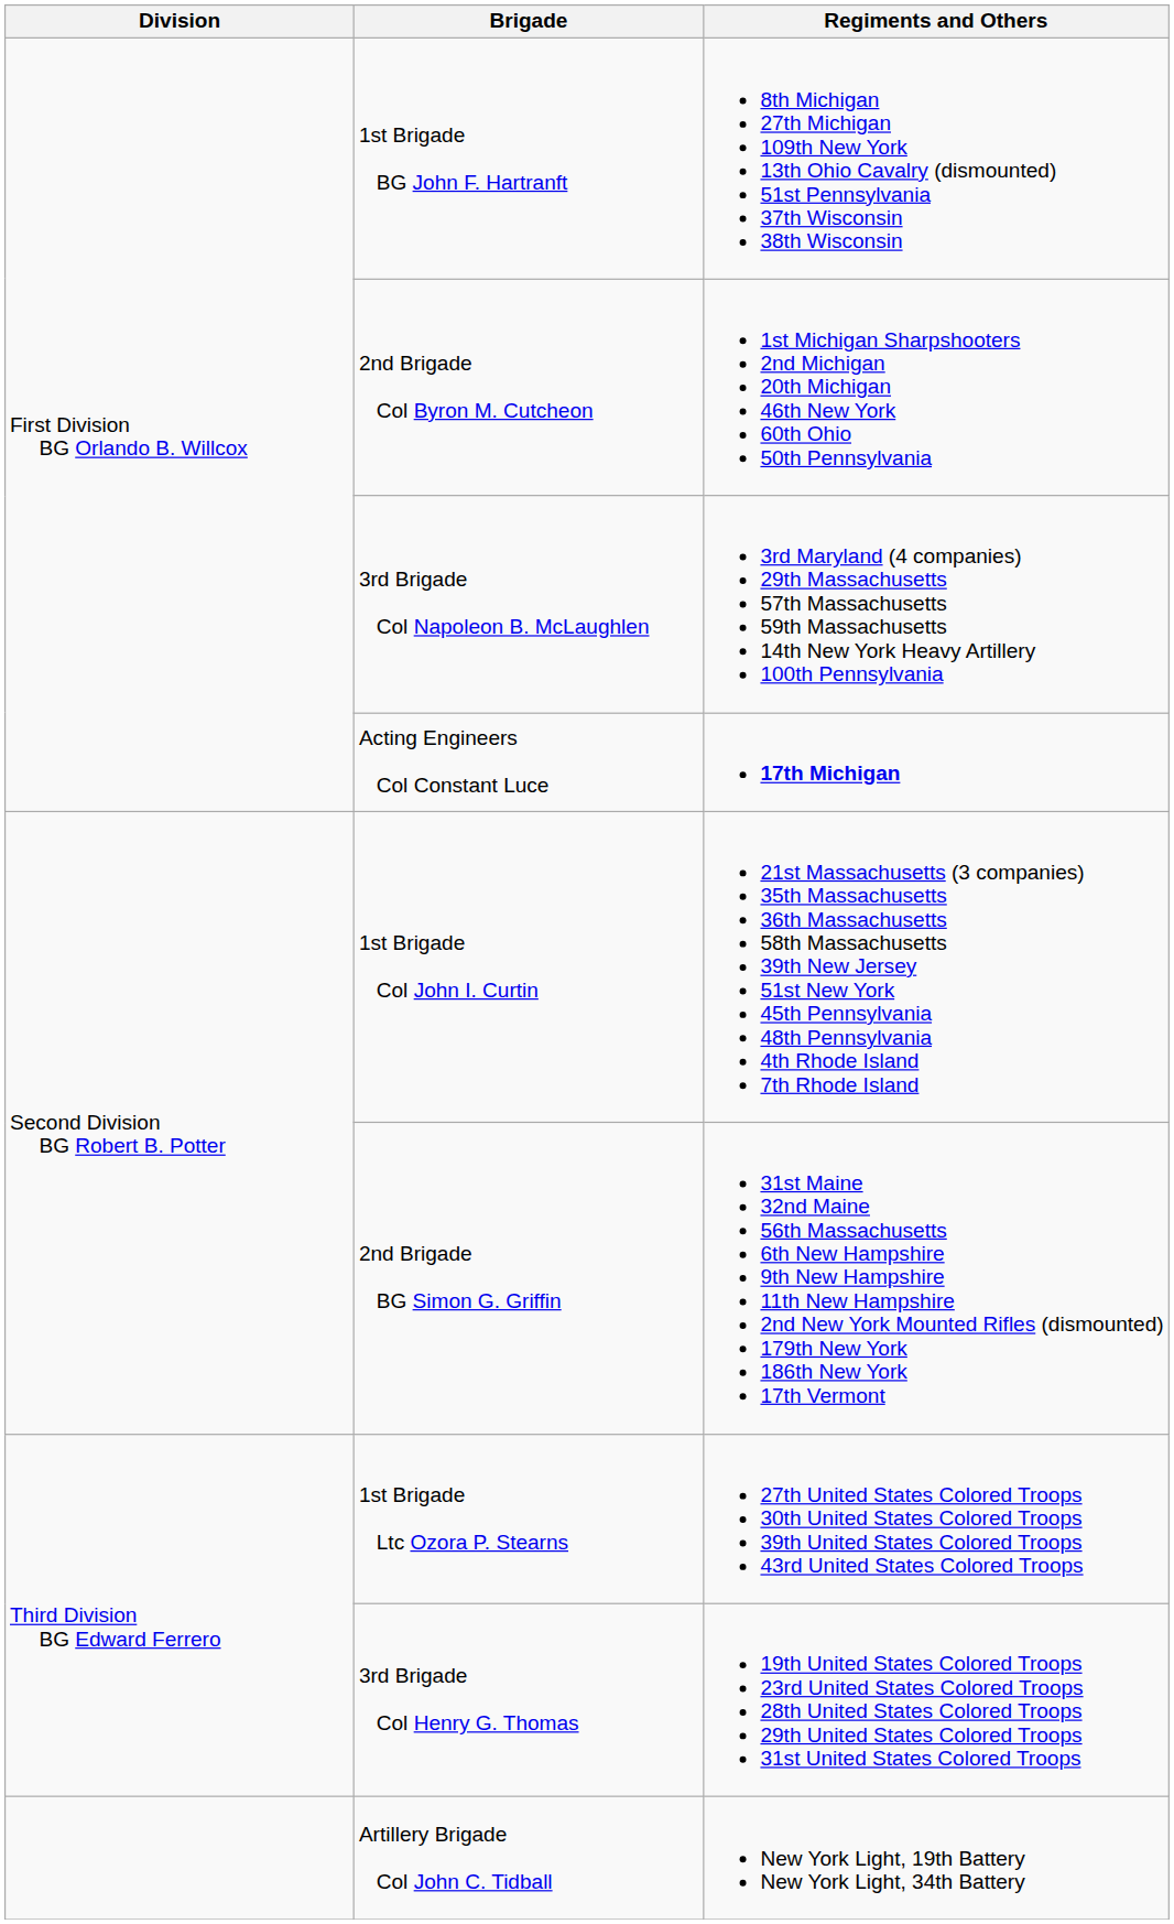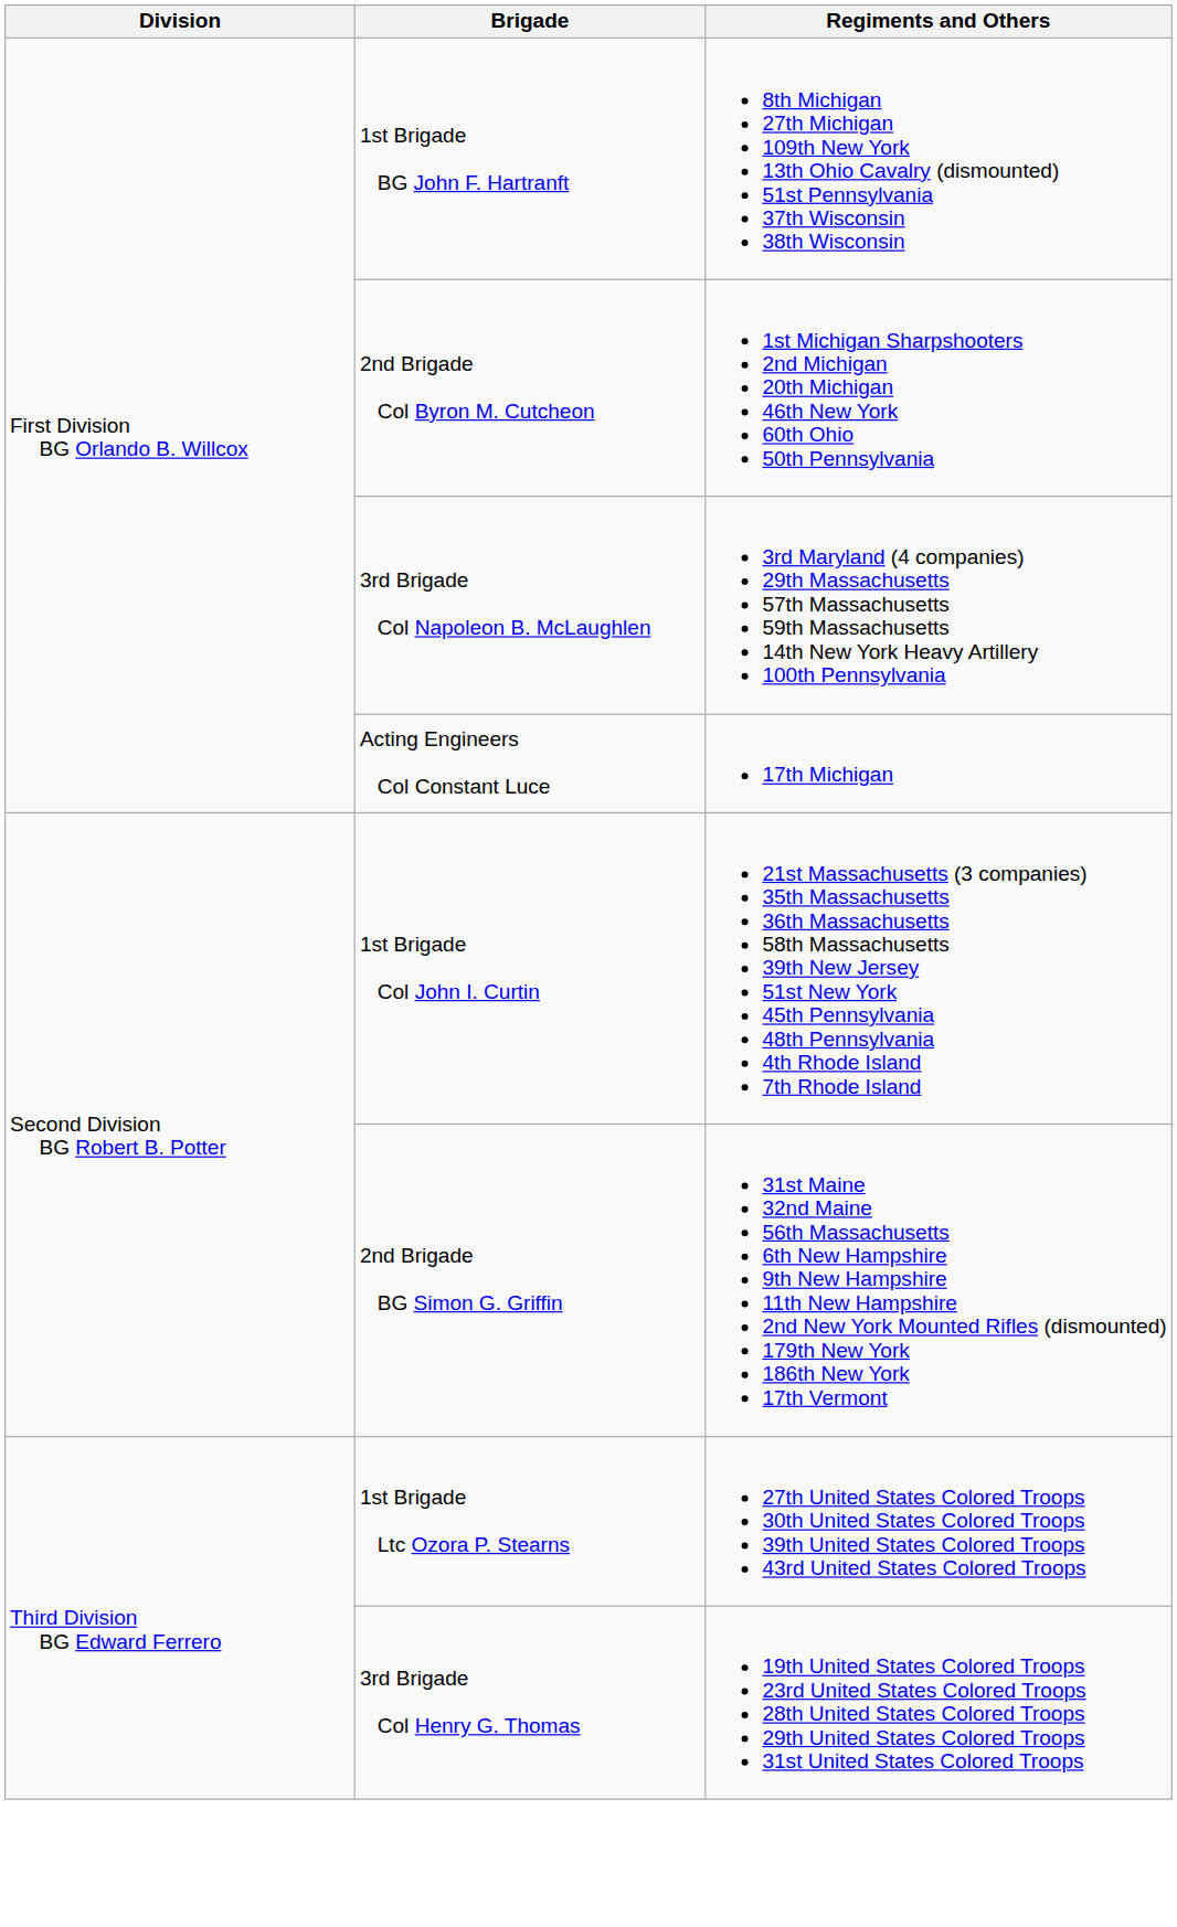 <table class="wikitable">
 <tr>
 <th width=30%>Division</th>
 <th width=30%>Brigade</th>
 <th>Regiments and Others</th>
 </tr>
 <tr>
 <td rowspan=4><br>First Division <br>     BG <a href='#'>Orlando B. Willcox</a></td>
 <td>1st Brigade<br><br>   BG <a href='#'>John F. Hartranft</a></td>
 <td><br><ul><li><a href='#'>8th Michigan</a></li><li><a href='#'>27th Michigan</a></li><li><a href='#'>109th New York</a></li><li><a href='#'>13th Ohio Cavalry</a> (dismounted)</li><li><a href='#'>51st Pennsylvania</a></li><li><a href='#'>37th Wisconsin</a></li><li><a href='#'>38th Wisconsin</a></li></ul></td>
 </tr>
 <tr>
 <td>2nd Brigade<br><br>   Col <a href='#'>Byron M. Cutcheon</a></td>
 <td><br><ul><li><a href='#'>1st Michigan Sharpshooters</a></li><li><a href='#'>2nd Michigan</a></li><li><a href='#'>20th Michigan</a></li><li><a href='#'>46th New York</a></li><li><a href='#'>60th Ohio</a></li><li><a href='#'>50th Pennsylvania</a></li></ul></td>
 </tr>
 <tr>
 <td>3rd Brigade<br><br>   Col <a href='#'>Napoleon B. McLaughlen</a></td>
 <td><br><ul><li><a href='#'>3rd Maryland</a> (4 companies)</li><li><a href='#'>29th Massachusetts</a></li><li>57th Massachusetts</li><li>59th Massachusetts</li><li>14th New York Heavy Artillery</li><li><a href='#'>100th Pennsylvania</a></li></ul></td>
 </tr>
 <tr>
 <td>Acting Engineers<br><br>   Col Constant Luce</td>
-<td><strong><br><ul><li><a href='#'>17th Michigan</a></li></ul></strong></td>
+<td><br><ul><li><a href='#'>17th Michigan</a></li></ul></td>
 </tr>
 <tr>
 <td rowspan= 2><br>Second Division <br>     BG <a href='#'>Robert B. Potter</a></td>
 <td>1st Brigade<br><br>   Col <a href='#'>John I. Curtin</a></td>
 <td><br><ul><li><a href='#'>21st Massachusetts</a> (3 companies)</li><li><a href='#'>35th Massachusetts</a></li><li><a href='#'>36th Massachusetts</a></li><li>58th Massachusetts</li><li><a href='#'>39th New Jersey</a></li><li><a href='#'>51st New York</a></li><li><a href='#'>45th Pennsylvania</a></li><li><a href='#'>48th Pennsylvania</a></li><li><a href='#'>4th Rhode Island</a></li><li><a href='#'>7th Rhode Island</a></li></ul></td>
 </tr>
 <tr>
 <td>2nd Brigade<br><br>   BG <a href='#'>Simon G. Griffin</a></td>
 <td><br><ul><li><a href='#'>31st Maine</a></li><li><a href='#'>32nd Maine</a></li><li><a href='#'>56th Massachusetts</a></li><li><a href='#'>6th New Hampshire</a></li><li><a href='#'>9th New Hampshire</a></li><li><a href='#'>11th New Hampshire</a></li><li><a href='#'>2nd New York Mounted Rifles</a> (dismounted)</li><li><a href='#'>179th New York</a></li><li><a href='#'>186th New York</a></li><li><a href='#'>17th Vermont</a></li></ul></td>
 </tr>
 <tr>
 <td rowspan=2><br><a href='#'>Third Division</a> <br>     BG <a href='#'>Edward Ferrero</a></td>
 <td>1st Brigade<br><br>   Ltc <a href='#'>Ozora P. Stearns</a></td>
 <td><br><ul><li><a href='#'>27th United States Colored Troops</a></li><li><a href='#'>30th United States Colored Troops</a></li><li><a href='#'>39th United States Colored Troops</a></li><li><a href='#'>43rd United States Colored Troops</a></li></ul></td>
 </tr>
 <tr>
 <td>3rd Brigade<br><br>   Col <a href='#'>Henry G. Thomas</a></td>
 <td><br><ul><li><a href='#'>19th United States Colored Troops</a></li><li><a href='#'>23rd United States Colored Troops</a></li><li><a href='#'>28th United States Colored Troops</a></li><li><a href='#'>29th United States Colored Troops</a></li><li><a href='#'>31st United States Colored Troops</a></li></ul></td>
 </tr>
-<tr>
-<td></td>
-<td>Artillery Brigade<br><br>   Col <a href='#'>John C. Tidball</a></td>
-<td><br><ul><li>New York Light, 19th Battery</li><li>New York Light, 34th Battery</li></ul></td>
-</tr>
 </table>
